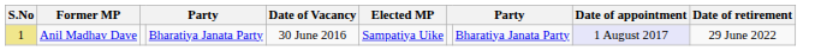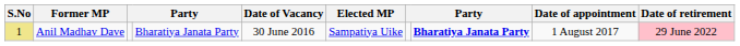 <table class="wikitable sortable">
 <tr>
 <th>S.No</th>
 <th>Former MP</th>
 <th colspan=2>Party</th>
 <th>Date of Vacancy</th>
 <th>Elected MP</th>
 <th colspan=2>Party</th>
 <th>Date of appointment</th>
 <th>Date of retirement</th>
 </tr>
 <tr style="text-align:center;">
 <td style="background: khaki;">1</td>
 <td><a href='#'>Anil Madhav Dave</a></td>
 <td></td>
 <td><a href='#'>Bharatiya Janata Party</a></td>
 <td>30 June 2016</td>
 <td><a href='#'>Sampatiya Uike</a></td>
 <td></td>
-<td><a href='#'>Bharatiya Janata Party</a></td>
-<td style="background: lavender;">1 August 2017</td>
-<td>29 June 2022</td>
+<td><strong><a href='#'>Bharatiya Janata Party</a></strong></td>
+<td>1 August 2017</td>
+<td style="background: pink;">29 June 2022</td>
 </tr>
 </table>
